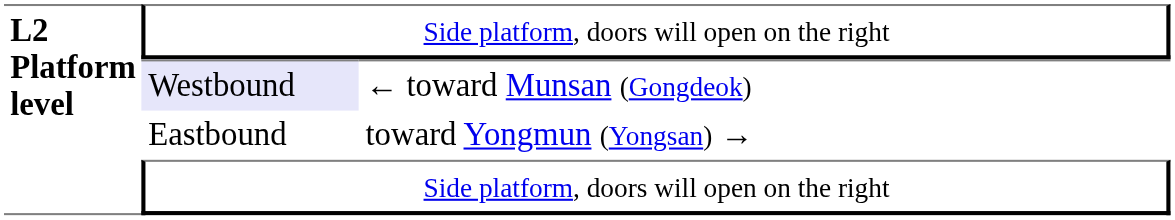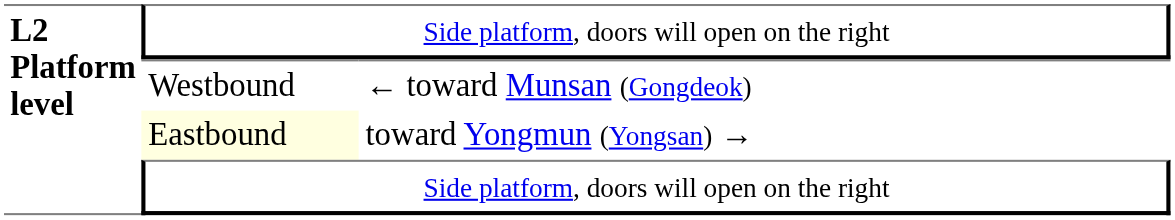 <table table border=0 cellspacing=0 cellpadding=3>
 <tr>
 <td style="border-top:solid 1px gray;border-bottom:solid 1px gray;" width=50 rowspan=10 valign=top><strong>L2<br>Platform level</strong></td>
 <td style="border-top:solid 1px gray;border-right:solid 2px black;border-left:solid 2px black;border-bottom:solid 2px black;text-align:center;" colspan=2><small><a href='#'>Side platform</a>, doors will open on the right</small></td>
 </tr>
 <tr>
-<td style="background: lavender; border-bottom:solid 0px gray;border-top:solid 1px gray;" width=100>Westbound</td>
+<td style="border-bottom:solid 0px gray;border-top:solid 1px gray;" width=100>Westbound</td>
 <td style="border-bottom:solid 0px gray;border-top:solid 1px gray;" width=390>←  toward <a href='#'>Munsan</a> <small>(<a href='#'>Gongdeok</a>)</small></td>
 </tr>
 <tr>
-<td>Eastbound</td>
+<td style="background: lightyellow;">Eastbound</td>
 <td>  toward <a href='#'>Yongmun</a> <small>(<a href='#'>Yongsan</a>)</small> →</td>
 </tr>
 <tr>
 <td style="border-top:solid 1px gray;border-right:solid 2px black;border-left:solid 2px black;border-bottom:solid 2px black;text-align:center;" colspan=2><small><a href='#'>Side platform</a>, doors will open on the right</small></td>
 </tr>
 </table>
